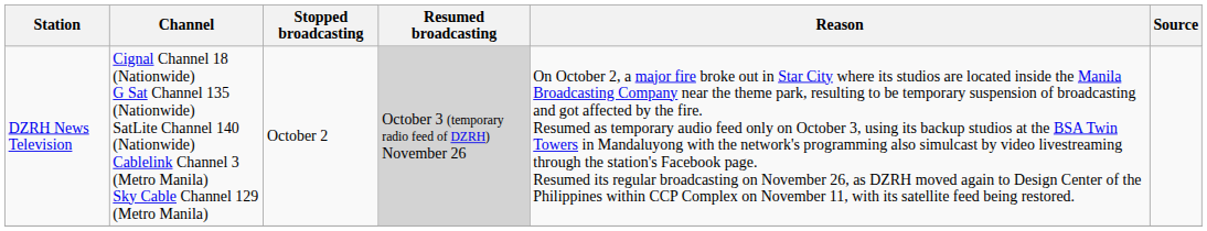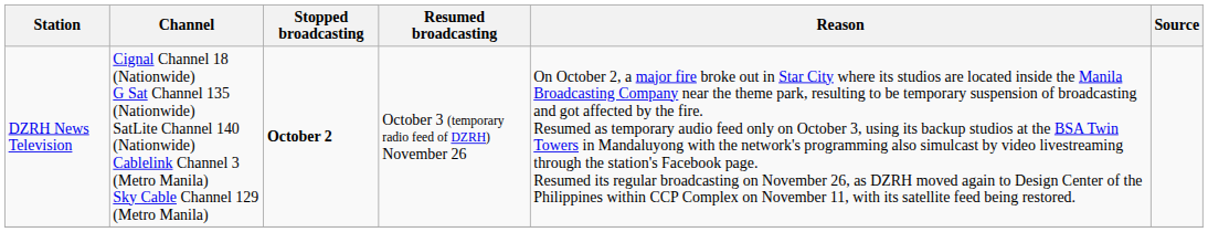 <table class="wikitable">
 <tr>
 <th>Station</th>
 <th>Channel</th>
 <th>Stopped broadcasting</th>
 <th>Resumed broadcasting</th>
 <th>Reason</th>
 <th>Source</th>
 </tr>
 <tr>
 <td><a href='#'>DZRH News Television</a></td>
 <td><a href='#'>Cignal</a> Channel 18 (Nationwide)<br><a href='#'>G Sat</a> Channel 135 (Nationwide)<br>SatLite Channel 140 (Nationwide)<br><a href='#'>Cablelink</a> Channel 3 (Metro Manila)<br><a href='#'>Sky Cable</a> Channel 129 (Metro Manila)</td>
-<td>October 2</td>
-<td style="background: lightgrey;">October 3 <small>(temporary radio feed of <a href='#'>DZRH</a>)</small><br>November 26</td>
+<td><strong>October 2</strong></td>
+<td>October 3 <small>(temporary radio feed of <a href='#'>DZRH</a>)</small><br>November 26</td>
 <td>On October 2, a <a href='#'>major fire</a> broke out in <a href='#'>Star City</a> where its studios are located inside the <a href='#'>Manila Broadcasting Company</a> near the theme park, resulting to be temporary suspension of broadcasting and got affected by the fire.<br>Resumed as temporary audio feed only on October 3, using its backup studios at the <a href='#'>BSA Twin Towers</a> in Mandaluyong with the network's programming also simulcast by video livestreaming through the station's Facebook page.<br>Resumed its regular broadcasting on November 26, as DZRH moved again to Design Center of the Philippines within CCP Complex on November 11, with its satellite feed being restored.</td>
 <td></td>
 </tr>
 <tr>
 </tr>
 </table>
